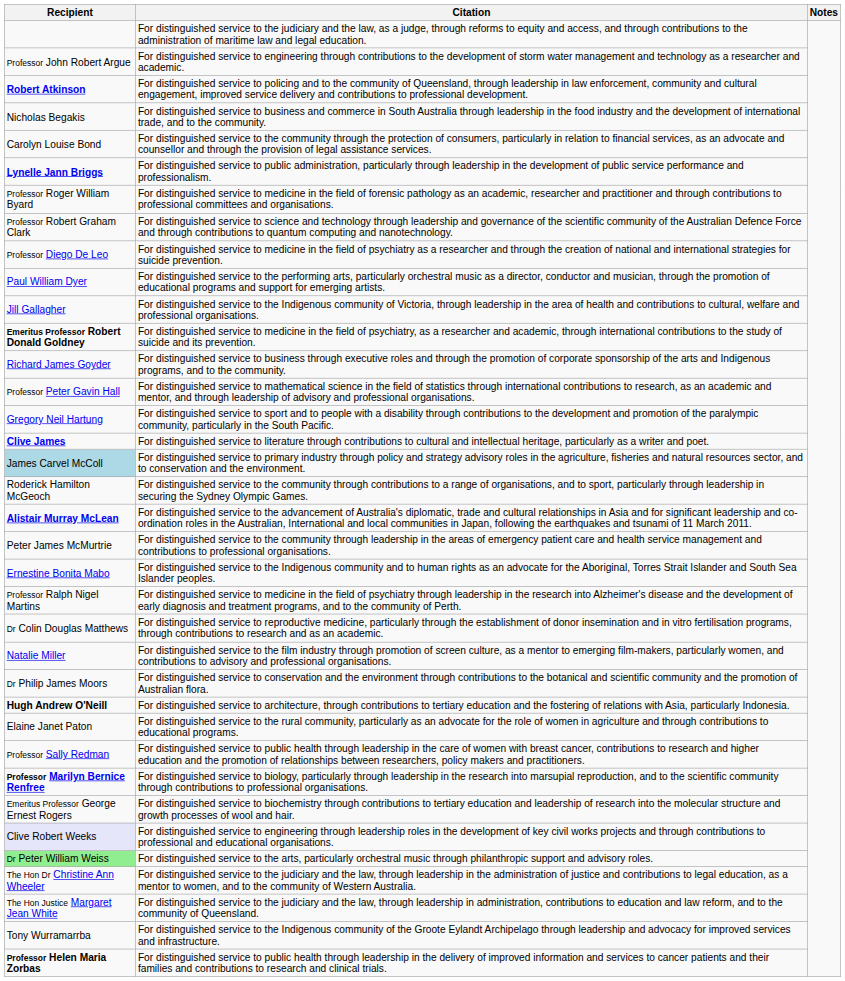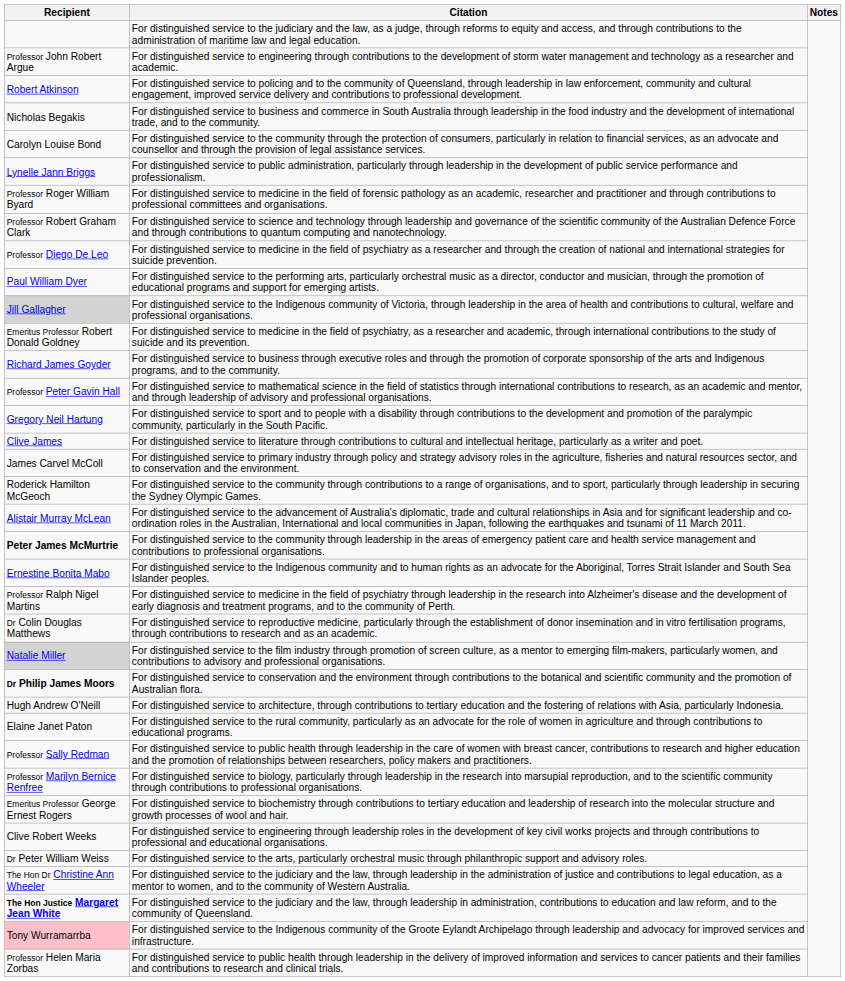 <table class="wikitable" style="font-size:95%;">
 <tr>
 <th>Recipient</th>
 <th>Citation</th>
 <th>Notes</th>
 </tr>
 <tr>
 <td></td>
 <td>For distinguished service to the judiciary and the law, as a judge, through reforms to equity and access, and through contributions to the administration of maritime law and legal education.</td>
 <td rowspan=36></td>
 </tr>
 <tr>
 <td><small>Professor</small> John Robert Argue</td>
 <td>For distinguished service to engineering through contributions to the development of storm water management and technology as a researcher and academic.</td>
 </tr>
 <tr>
-<td><strong><a href='#'>Robert Atkinson</a> </strong></td>
+<td><a href='#'>Robert Atkinson</a> </td>
 <td>For distinguished service to policing and to the community of Queensland, through leadership in law enforcement, community and cultural engagement, improved service delivery and contributions to professional development.</td>
 </tr>
 <tr>
 <td>Nicholas Begakis </td>
 <td>For distinguished service to business and commerce in South Australia through leadership in the food industry and the development of international trade, and to the community.</td>
 </tr>
 <tr>
 <td>Carolyn Louise Bond</td>
 <td>For distinguished service to the community through the protection of consumers, particularly in relation to financial services, as an advocate and counsellor and through the provision of legal assistance services.</td>
 </tr>
 <tr>
-<td><strong><a href='#'>Lynelle Jann Briggs</a></strong></td>
+<td><a href='#'>Lynelle Jann Briggs</a></td>
 <td>For distinguished service to public administration, particularly through leadership in the development of public service performance and professionalism.</td>
 </tr>
 <tr>
 <td><small>Professor</small> Roger William Byard </td>
 <td>For distinguished service to medicine in the field of forensic pathology as an academic, researcher and practitioner and through contributions to professional committees and organisations.</td>
 </tr>
 <tr>
 <td><small>Professor</small> Robert Graham Clark</td>
 <td>For distinguished service to science and technology through leadership and governance of the scientific community of the Australian Defence Force and through contributions to quantum computing and nanotechnology.</td>
 </tr>
 <tr>
 <td><small>Professor</small> <a href='#'>Diego De Leo</a></td>
 <td>For distinguished service to medicine in the field of psychiatry as a researcher and through the creation of national and international strategies for suicide prevention.</td>
 </tr>
 <tr>
 <td><a href='#'>Paul William Dyer</a></td>
 <td>For distinguished service to the performing arts, particularly orchestral music as a director, conductor and musician, through the promotion of educational programs and support for emerging artists.</td>
 </tr>
 <tr>
-<td><a href='#'>Jill Gallagher</a></td>
+<td style="background: lightgrey;"><a href='#'>Jill Gallagher</a></td>
 <td>For distinguished service to the Indigenous community of Victoria, through leadership in the area of health and contributions to cultural, welfare and professional organisations.</td>
 </tr>
 <tr>
-<td><strong><small>Emeritus Professor</small> Robert Donald Goldney</strong></td>
+<td><small>Emeritus Professor</small> Robert Donald Goldney</td>
 <td>For distinguished service to medicine in the field of psychiatry, as a researcher and academic, through international contributions to the study of suicide and its prevention.</td>
 </tr>
 <tr>
 <td><a href='#'>Richard James Goyder</a></td>
 <td>For distinguished service to business through executive roles and through the promotion of corporate sponsorship of the arts and Indigenous programs, and to the community.</td>
 </tr>
 <tr>
 <td><small>Professor</small> <a href='#'>Peter Gavin Hall</a></td>
 <td>For distinguished service to mathematical science in the field of statistics through international contributions to research, as an academic and mentor, and through leadership of advisory and professional organisations.</td>
 </tr>
 <tr>
 <td><a href='#'>Gregory Neil Hartung</a> </td>
 <td>For distinguished service to sport and to people with a disability through contributions to the development and promotion of the paralympic community, particularly in the South Pacific.</td>
 </tr>
 <tr>
-<td><strong><a href='#'>Clive James</a> </strong></td>
+<td><a href='#'>Clive James</a> </td>
 <td>For distinguished service to literature through contributions to cultural and intellectual heritage, particularly as a writer and poet.</td>
 </tr>
 <tr>
-<td style="background: lightblue;">James Carvel McColl</td>
+<td>James Carvel McColl</td>
 <td>For distinguished service to primary industry through policy and strategy advisory roles in the agriculture, fisheries and natural resources sector, and to conservation and the environment.</td>
 </tr>
 <tr>
 <td>Roderick Hamilton McGeoch </td>
 <td>For distinguished service to the community through contributions to a range of organisations, and to sport, particularly through leadership in securing the Sydney Olympic Games.</td>
 </tr>
 <tr>
-<td><strong><a href='#'>Alistair Murray McLean</a> </strong></td>
+<td><a href='#'>Alistair Murray McLean</a> </td>
 <td>For distinguished service to the advancement of Australia's diplomatic, trade and cultural relationships in Asia and for significant leadership and co-ordination roles in the Australian, International and local communities in Japan, following the earthquakes and tsunami of 11 March 2011.</td>
 </tr>
 <tr>
-<td>Peter James McMurtrie</td>
+<td><strong>Peter James McMurtrie</strong></td>
 <td>For distinguished service to the community through leadership in the areas of emergency patient care and health service management and contributions to professional organisations.</td>
 </tr>
 <tr>
 <td><a href='#'>Ernestine Bonita Mabo</a></td>
 <td>For distinguished service to the Indigenous community and to human rights as an advocate for the Aboriginal, Torres Strait Islander and South Sea Islander peoples.</td>
 </tr>
 <tr>
 <td><small>Professor</small> Ralph Nigel Martins</td>
 <td>For distinguished service to medicine in the field of psychiatry through leadership in the research into Alzheimer's disease and the development of early diagnosis and treatment programs, and to the community of Perth.</td>
 </tr>
 <tr>
 <td><small>Dr</small> Colin Douglas Matthews</td>
 <td>For distinguished service to reproductive medicine, particularly through the establishment of donor insemination and in vitro fertilisation programs, through contributions to research and as an academic.</td>
 </tr>
 <tr>
-<td><a href='#'>Natalie Miller</a> </td>
+<td style="background: lightgrey;"><a href='#'>Natalie Miller</a> </td>
 <td>For distinguished service to the film industry through promotion of screen culture, as a mentor to emerging film-makers, particularly women, and contributions to advisory and professional organisations.</td>
 </tr>
 <tr>
-<td><small>Dr</small> Philip James Moors</td>
+<td><strong><small>Dr</small> Philip James Moors</strong></td>
 <td>For distinguished service to conservation and the environment through contributions to the botanical and scientific community and the promotion of Australian flora.</td>
 </tr>
 <tr>
-<td><strong>Hugh Andrew O'Neill</strong></td>
+<td>Hugh Andrew O'Neill</td>
 <td>For distinguished service to architecture, through contributions to tertiary education and the fostering of relations with Asia, particularly Indonesia.</td>
 </tr>
 <tr>
 <td>Elaine Janet Paton</td>
 <td>For distinguished service to the rural community, particularly as an advocate for the role of women in agriculture and through contributions to educational programs.</td>
 </tr>
 <tr>
 <td><small>Professor</small> <a href='#'>Sally Redman</a></td>
 <td>For distinguished service to public health through leadership in the care of women with breast cancer, contributions to research and higher education and the promotion of relationships between researchers, policy makers and practitioners.</td>
 </tr>
 <tr>
-<td><strong><small>Professor</small> <a href='#'>Marilyn Bernice Renfree</a></strong></td>
+<td><small>Professor</small> <a href='#'>Marilyn Bernice Renfree</a></td>
 <td>For distinguished service to biology, particularly through leadership in the research into marsupial reproduction, and to the scientific community through contributions to professional organisations.</td>
 </tr>
 <tr>
 <td><small>Emeritus Professor</small> George Ernest Rogers</td>
 <td>For distinguished service to biochemistry through contributions to tertiary education and leadership of research into the molecular structure and growth processes of wool and hair.</td>
 </tr>
 <tr>
-<td style="background: lavender;">Clive Robert Weeks</td>
+<td>Clive Robert Weeks</td>
 <td>For distinguished service to engineering through leadership roles in the development of key civil works projects and through contributions to professional and educational organisations.</td>
 </tr>
 <tr>
-<td style="background: lightgreen;"><small>Dr</small> Peter William Weiss </td>
+<td><small>Dr</small> Peter William Weiss </td>
 <td>For distinguished service to the arts, particularly orchestral music through philanthropic support and advisory roles.</td>
 </tr>
 <tr>
 <td><small>The Hon Dr</small> <a href='#'>Christine Ann Wheeler</a> </td>
 <td>For distinguished service to the judiciary and the law, through leadership in the administration of justice and contributions to legal education, as a mentor to women, and to the community of Western Australia.</td>
 </tr>
 <tr>
-<td><small>The Hon Justice</small> <a href='#'>Margaret Jean White</a></td>
+<td><strong><small>The Hon Justice</small> <a href='#'>Margaret Jean White</a></strong></td>
 <td>For distinguished service to the judiciary and the law, through leadership in administration, contributions to education and law reform, and to the community of Queensland.</td>
 </tr>
 <tr>
-<td>Tony Wurramarrba</td>
+<td style="background: pink;">Tony Wurramarrba</td>
 <td>For distinguished service to the Indigenous community of the Groote Eylandt Archipelago through leadership and advocacy for improved services and infrastructure.</td>
 </tr>
 <tr>
-<td><strong><small>Professor</small> Helen Maria Zorbas</strong></td>
+<td><small>Professor</small> Helen Maria Zorbas</td>
 <td>For distinguished service to public health through leadership in the delivery of improved information and services to cancer patients and their families and contributions to research and clinical trials.</td>
 </tr>
 </table>
